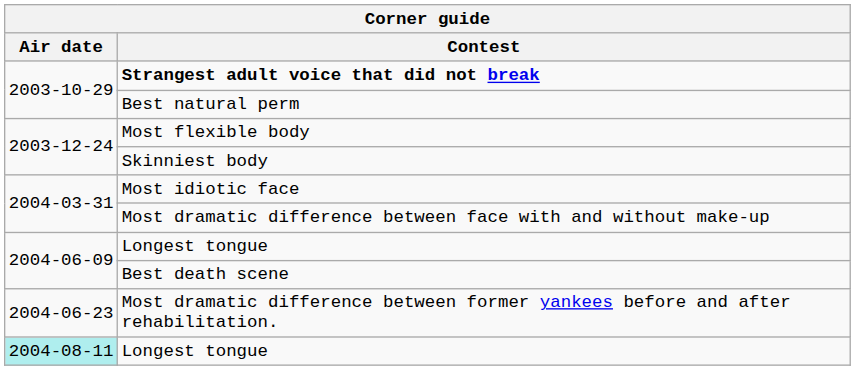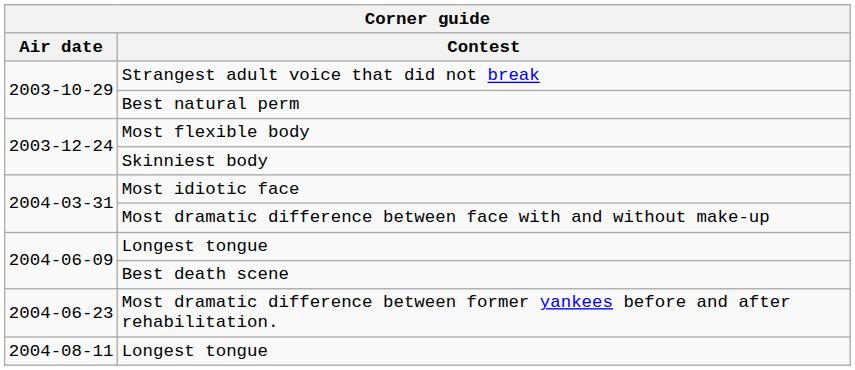 <table class="wikitable collapsible collapsed" style="clear:none; padding:0 auto; width:50%; margin:auto align:left;">
 <tr>
 <th colspan=4>Corner guide</th>
 </tr>
 <tr>
 <th style="width:6em;">Air date</th>
 <th>Contest</th>
 </tr>
 <tr>
 <td rowspan="2">2003-10-29</td>
-<td><strong>Strangest adult voice that did not <a href='#'>break</a></strong></td>
+<td>Strangest adult voice that did not <a href='#'>break</a></td>
 </tr>
 <tr>
 <td>Best natural perm</td>
 </tr>
 <tr>
 <td rowspan="2">2003-12-24</td>
 <td>Most flexible body</td>
 </tr>
 <tr>
 <td>Skinniest body</td>
 </tr>
 <tr>
 <td rowspan="2">2004-03-31</td>
 <td>Most idiotic face</td>
 </tr>
 <tr>
 <td>Most dramatic difference between face with and without make-up</td>
 </tr>
 <tr>
 <td rowspan="2">2004-06-09</td>
 <td>Longest tongue</td>
 </tr>
 <tr>
 <td>Best death scene</td>
 </tr>
 <tr>
 <td>2004-06-23</td>
 <td>Most dramatic difference between former <a href='#'>yankees</a> before and after rehabilitation.</td>
 </tr>
 <tr>
-<td style="background: paleturquoise;">2004-08-11</td>
+<td>2004-08-11</td>
 <td>Longest tongue</td>
 </tr>
 </table>
